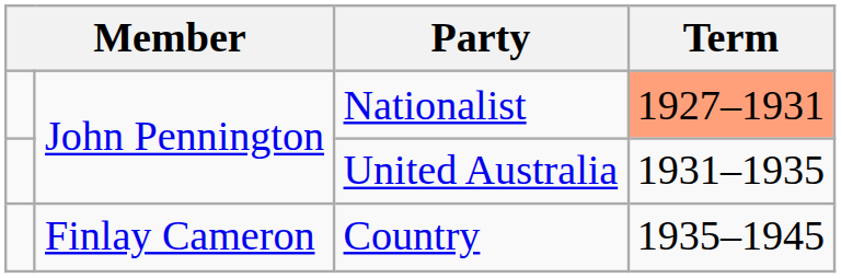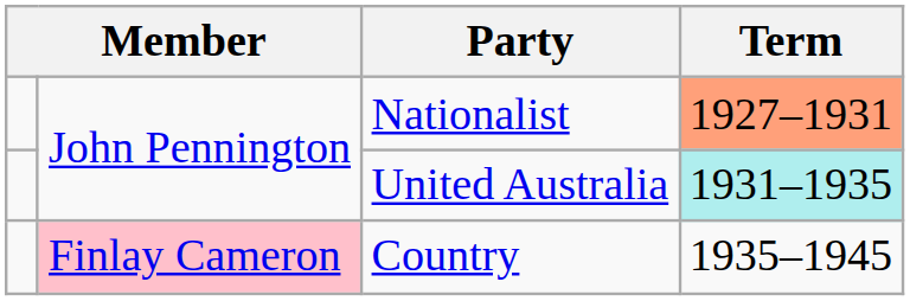 <table class="wikitable">
 <tr>
 <th colspan="2">Member</th>
 <th>Party</th>
 <th>Term</th>
 </tr>
 <tr>
 <td> </td>
 <td rowspan=2><a href='#'>John Pennington</a></td>
 <td><a href='#'>Nationalist</a></td>
 <td style="background: lightsalmon;">1927–1931</td>
 </tr>
 <tr>
 <td> </td>
 <td><a href='#'>United Australia</a></td>
-<td>1931–1935</td>
+<td style="background: paleturquoise;">1931–1935</td>
 </tr>
 <tr>
 <td> </td>
-<td><a href='#'>Finlay Cameron</a></td>
+<td style="background: pink;"><a href='#'>Finlay Cameron</a></td>
 <td><a href='#'>Country</a></td>
 <td>1935–1945</td>
 </tr>
 </table>
